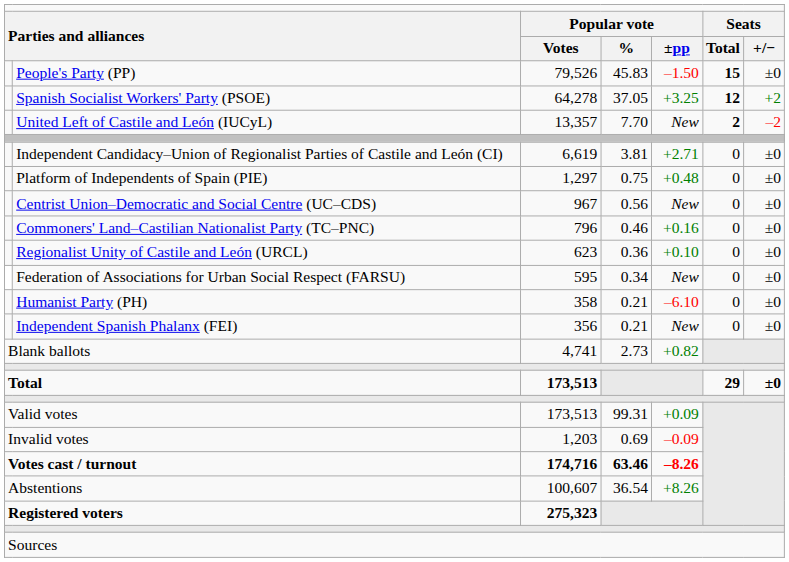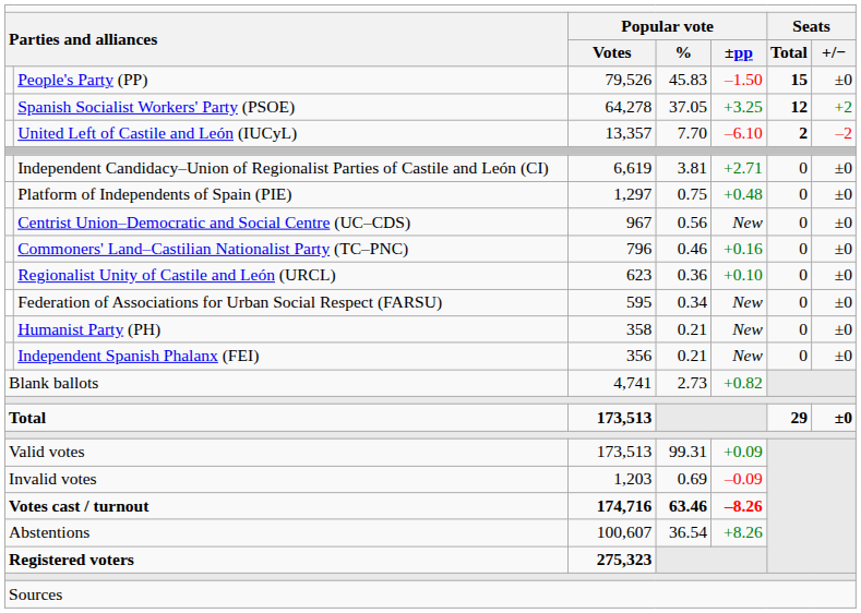 <table class="wikitable" style="text-align:right;">
 <tr>
 <td colspan="7"></td>
 </tr>
 <tr>
 <th style="text-align:left;" rowspan="2" colspan="2" width="525">Parties and alliances</th>
 <th colspan="3">Popular vote</th>
 <th colspan="2">Seats</th>
 </tr>
 <tr>
 <th width="75">Votes</th>
 <th width="45">%</th>
 <th width="45">±<a href='#'>pp</a></th>
 <th width="35">Total</th>
 <th width="35">+/−</th>
 </tr>
 <tr>
 <td width="1" style="color:inherit;background:"></td>
 <td align="left"><a href='#'>People's Party</a> (PP)</td>
 <td>79,526</td>
 <td>45.83</td>
 <td style="color:red;">–1.50</td>
 <td><strong>15</strong></td>
 <td>±0</td>
 </tr>
 <tr>
 <td style="color:inherit;background:"></td>
 <td align="left"><a href='#'>Spanish Socialist Workers' Party</a> (PSOE)</td>
 <td>64,278</td>
 <td>37.05</td>
 <td style="color:green;">+3.25</td>
 <td><strong>12</strong></td>
 <td style="color:green;">+2</td>
 </tr>
 <tr>
 <td style="color:inherit;background:"></td>
 <td align="left"><a href='#'>United Left of Castile and León</a> (IUCyL)</td>
 <td>13,357</td>
 <td>7.70</td>
-<td><em>New</em></td>
+<td style="color:red;">–6.10</td>
 <td><strong>2</strong></td>
 <td style="color:red;">–2</td>
 </tr>
 <tr>
 <td colspan="7" bgcolor="#C0C0C0"></td>
 </tr>
 <tr>
 <td style="color:inherit;background:"></td>
 <td align="left">Independent Candidacy–Union of Regionalist Parties of Castile and León (CI)</td>
 <td>6,619</td>
 <td>3.81</td>
 <td style="color:green;">+2.71</td>
 <td>0</td>
 <td>±0</td>
 </tr>
 <tr>
 <td style="color:inherit;background:"></td>
 <td align="left">Platform of Independents of Spain (PIE)</td>
 <td>1,297</td>
 <td>0.75</td>
 <td style="color:green;">+0.48</td>
 <td>0</td>
 <td>±0</td>
 </tr>
 <tr>
 <td style="color:inherit;background:"></td>
 <td align="left"><a href='#'>Centrist Union–Democratic and Social Centre</a> (UC–CDS)</td>
 <td>967</td>
 <td>0.56</td>
 <td><em>New</em></td>
 <td>0</td>
 <td>±0</td>
 </tr>
 <tr>
 <td style="color:inherit;background:"></td>
 <td align="left"><a href='#'>Commoners' Land–Castilian Nationalist Party</a> (TC–PNC)</td>
 <td>796</td>
 <td>0.46</td>
 <td style="color:green;">+0.16</td>
 <td>0</td>
 <td>±0</td>
 </tr>
 <tr>
 <td style="color:inherit;background:"></td>
 <td align="left"><a href='#'>Regionalist Unity of Castile and León</a> (URCL)</td>
 <td>623</td>
 <td>0.36</td>
 <td style="color:green;">+0.10</td>
 <td>0</td>
 <td>±0</td>
 </tr>
 <tr>
 <td bgcolor="white"></td>
 <td align="left">Federation of Associations for Urban Social Respect (FARSU)</td>
 <td>595</td>
 <td>0.34</td>
 <td><em>New</em></td>
 <td>0</td>
 <td>±0</td>
 </tr>
 <tr>
 <td style="color:inherit;background:"></td>
 <td align="left"><a href='#'>Humanist Party</a> (PH)</td>
 <td>358</td>
 <td>0.21</td>
-<td style="color:red;">–6.10</td>
+<td><em>New</em></td>
 <td>0</td>
 <td>±0</td>
 </tr>
 <tr>
 <td style="color:inherit;background:"></td>
 <td align="left"><a href='#'>Independent Spanish Phalanx</a> (FEI)</td>
 <td>356</td>
 <td>0.21</td>
 <td><em>New</em></td>
 <td>0</td>
 <td>±0</td>
 </tr>
 <tr>
 <td align="left" colspan="2">Blank ballots</td>
 <td>4,741</td>
 <td>2.73</td>
 <td style="color:green;">+0.82</td>
 <td bgcolor="#E9E9E9" colspan="2"></td>
 </tr>
 <tr>
 <td colspan="7" bgcolor="#E9E9E9"></td>
 </tr>
 <tr style="font-weight:bold;">
 <td align="left" colspan="2">Total</td>
 <td>173,513</td>
 <td bgcolor="#E9E9E9" colspan="2"></td>
 <td>29</td>
 <td>±0</td>
 </tr>
 <tr>
 <td colspan="7" bgcolor="#E9E9E9"></td>
 </tr>
 <tr>
 <td align="left" colspan="2">Valid votes</td>
 <td>173,513</td>
 <td>99.31</td>
 <td style="color:green;">+0.09</td>
 <td bgcolor="#E9E9E9" colspan="2" rowspan="5"></td>
 </tr>
 <tr>
 <td align="left" colspan="2">Invalid votes</td>
 <td>1,203</td>
 <td>0.69</td>
 <td style="color:red;">–0.09</td>
 </tr>
 <tr style="font-weight:bold;">
 <td align="left" colspan="2">Votes cast / turnout</td>
 <td>174,716</td>
 <td>63.46</td>
 <td style="color:red;">–8.26</td>
 </tr>
 <tr>
 <td align="left" colspan="2">Abstentions</td>
 <td>100,607</td>
 <td>36.54</td>
 <td style="color:green;">+8.26</td>
 </tr>
 <tr style="font-weight:bold;">
 <td align="left" colspan="2">Registered voters</td>
 <td>275,323</td>
 <td bgcolor="#E9E9E9" colspan="2"></td>
 </tr>
 <tr>
 <td colspan="7" bgcolor="#E9E9E9"></td>
 </tr>
 <tr>
 <td align="left" colspan="7">Sources</td>
 </tr>
 </table>
